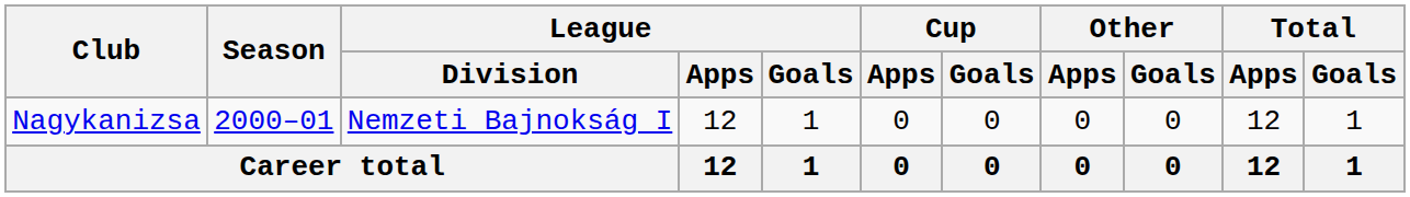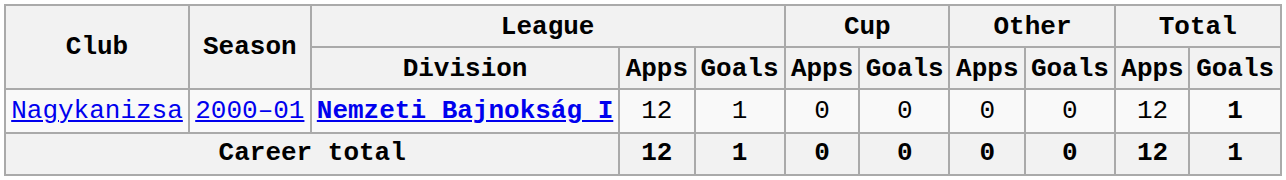 <table class="wikitable" style="text-align: center">
 <tr>
 <th rowspan="2">Club</th>
 <th rowspan="2">Season</th>
 <th colspan="3">League</th>
 <th colspan="2">Cup</th>
 <th colspan="2">Other</th>
 <th colspan="2">Total</th>
 </tr>
 <tr>
 <th>Division</th>
 <th>Apps</th>
 <th>Goals</th>
 <th>Apps</th>
 <th>Goals</th>
 <th>Apps</th>
 <th>Goals</th>
 <th>Apps</th>
 <th>Goals</th>
 </tr>
 <tr>
 <td><a href='#'>Nagykanizsa</a></td>
 <td><a href='#'>2000–01</a></td>
-<td><a href='#'>Nemzeti Bajnokság I</a></td>
+<td><strong><a href='#'>Nemzeti Bajnokság I</a></strong></td>
 <td>12</td>
 <td>1</td>
 <td>0</td>
 <td>0</td>
 <td>0</td>
 <td>0</td>
 <td>12</td>
-<td>1</td>
+<td><strong>1</strong></td>
 </tr>
 <tr>
 <th colspan="3"><strong>Career total</strong></th>
 <th>12</th>
 <th>1</th>
 <th>0</th>
 <th>0</th>
 <th>0</th>
 <th>0</th>
 <th>12</th>
 <th>1</th>
 </tr>
 </table>
